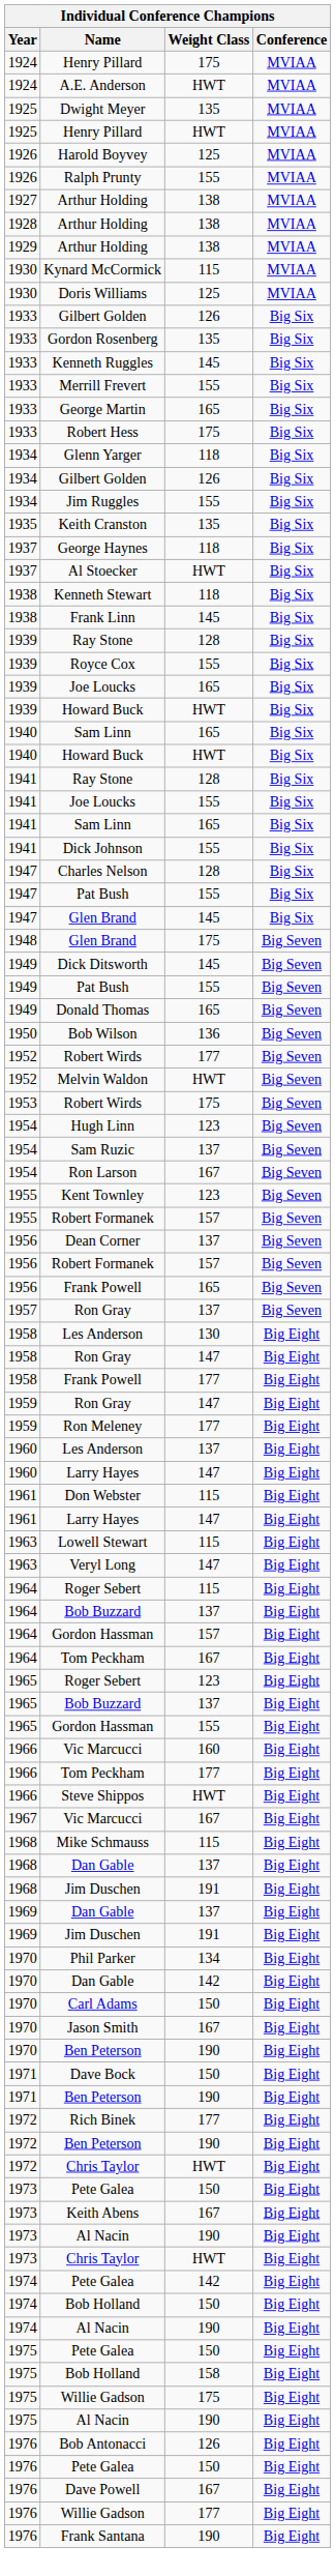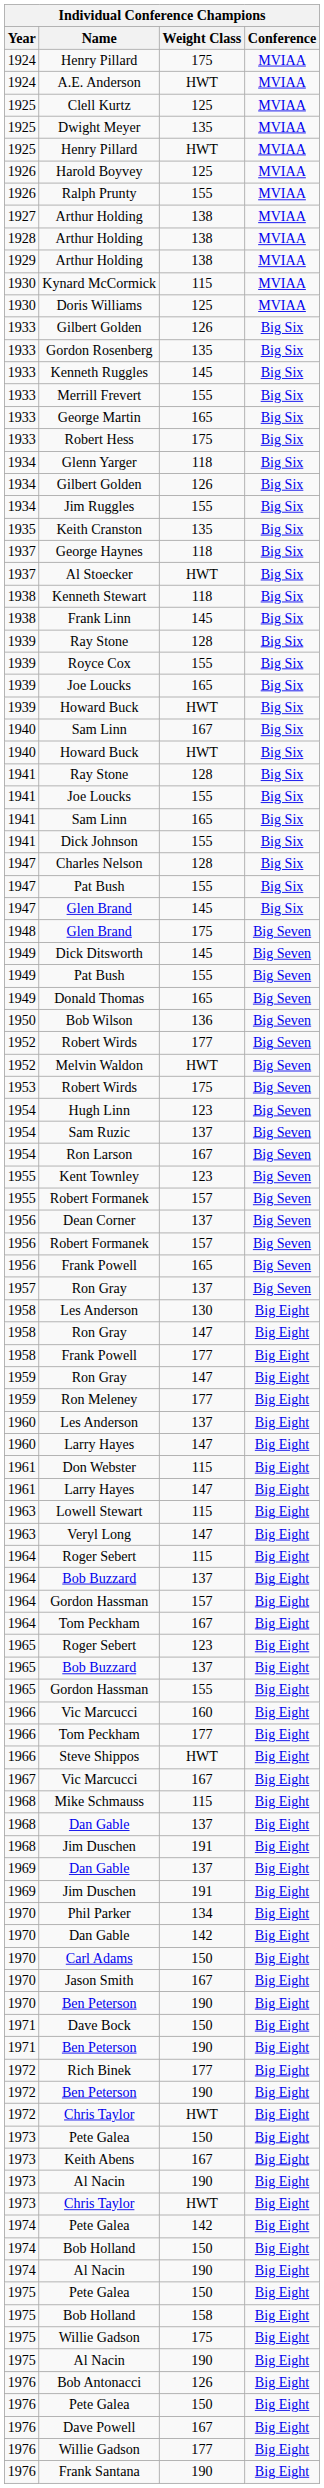 <table class="wikitable">
 <tr>
 <th colspan="4">Individual Conference Champions</th>
 </tr>
 <tr>
 <th scope="col">Year</th>
 <th scope="col">Name</th>
 <th scope="col">Weight Class</th>
 <th scope="col">Conference</th>
 </tr>
 <tr>
 <td>1924</td>
 <td style="text-align: center;">Henry Pillard</td>
 <td style="text-align: center;">175</td>
 <td style="text-align: center;"><a href='#'>MVIAA</a></td>
 </tr>
 <tr>
 <td>1924</td>
 <td style="text-align: center;">A.E. Anderson</td>
 <td style="text-align: center;">HWT</td>
+<td style="text-align: center;"><a href='#'>MVIAA</a></td>
+</tr>
+<tr>
+<td>1925</td>
+<td style="text-align: center;">Clell Kurtz</td>
+<td style="text-align: center;">125</td>
 <td style="text-align: center;"><a href='#'>MVIAA</a></td>
 </tr>
 <tr>
 <td>1925</td>
 <td style="text-align: center;">Dwight Meyer</td>
 <td style="text-align: center;">135</td>
 <td style="text-align: center;"><a href='#'>MVIAA</a></td>
 </tr>
 <tr>
 <td>1925</td>
 <td style="text-align: center;">Henry Pillard</td>
 <td style="text-align: center;">HWT</td>
 <td style="text-align: center;"><a href='#'>MVIAA</a></td>
 </tr>
 <tr>
 <td>1926</td>
 <td style="text-align: center;">Harold Boyvey</td>
 <td style="text-align: center;">125</td>
 <td style="text-align: center;"><a href='#'>MVIAA</a></td>
 </tr>
 <tr>
 <td>1926</td>
 <td style="text-align: center;">Ralph Prunty</td>
 <td style="text-align: center;">155</td>
 <td style="text-align: center;"><a href='#'>MVIAA</a></td>
 </tr>
 <tr>
 <td>1927</td>
 <td style="text-align: center;">Arthur Holding</td>
 <td style="text-align: center;">138</td>
 <td style="text-align: center;"><a href='#'>MVIAA</a></td>
 </tr>
 <tr>
 <td>1928</td>
 <td style="text-align: center;">Arthur Holding</td>
 <td style="text-align: center;">138</td>
 <td style="text-align: center;"><a href='#'>MVIAA</a></td>
 </tr>
 <tr>
 <td>1929</td>
 <td style="text-align: center;">Arthur Holding</td>
 <td style="text-align: center;">138</td>
 <td style="text-align: center;"><a href='#'>MVIAA</a></td>
 </tr>
 <tr>
 <td>1930</td>
 <td style="text-align: center;">Kynard McCormick</td>
 <td style="text-align: center;">115</td>
 <td style="text-align: center;"><a href='#'>MVIAA</a></td>
 </tr>
 <tr>
 <td>1930</td>
 <td style="text-align: center;">Doris Williams</td>
 <td style="text-align: center;">125</td>
 <td style="text-align: center;"><a href='#'>MVIAA</a></td>
 </tr>
 <tr>
 <td>1933</td>
 <td style="text-align: center;">Gilbert Golden</td>
 <td style="text-align: center;">126</td>
 <td style="text-align: center;"><a href='#'>Big Six</a></td>
 </tr>
 <tr>
 <td>1933</td>
 <td style="text-align: center;">Gordon Rosenberg</td>
 <td style="text-align: center;">135</td>
 <td style="text-align: center;"><a href='#'>Big Six</a></td>
 </tr>
 <tr>
 <td>1933</td>
 <td style="text-align: center;">Kenneth Ruggles</td>
 <td style="text-align: center;">145</td>
 <td style="text-align: center;"><a href='#'>Big Six</a></td>
 </tr>
 <tr>
 <td>1933</td>
 <td style="text-align: center;">Merrill Frevert</td>
 <td style="text-align: center;">155</td>
 <td style="text-align: center;"><a href='#'>Big Six</a></td>
 </tr>
 <tr>
 <td>1933</td>
 <td style="text-align: center;">George Martin</td>
 <td style="text-align: center;">165</td>
 <td style="text-align: center;"><a href='#'>Big Six</a></td>
 </tr>
 <tr>
 <td>1933</td>
 <td style="text-align: center;">Robert Hess</td>
 <td style="text-align: center;">175</td>
 <td style="text-align: center;"><a href='#'>Big Six</a></td>
 </tr>
 <tr>
 <td>1934</td>
 <td style="text-align: center;">Glenn Yarger</td>
 <td style="text-align: center;">118</td>
 <td style="text-align: center;"><a href='#'>Big Six</a></td>
 </tr>
 <tr>
 <td>1934</td>
 <td style="text-align: center;">Gilbert Golden</td>
 <td style="text-align: center;">126</td>
 <td style="text-align: center;"><a href='#'>Big Six</a></td>
 </tr>
 <tr>
 <td>1934</td>
 <td style="text-align: center;">Jim Ruggles</td>
 <td style="text-align: center;">155</td>
 <td style="text-align: center;"><a href='#'>Big Six</a></td>
 </tr>
 <tr>
 <td>1935</td>
 <td style="text-align: center;">Keith Cranston</td>
 <td style="text-align: center;">135</td>
 <td style="text-align: center;"><a href='#'>Big Six</a></td>
 </tr>
 <tr>
 <td>1937</td>
 <td style="text-align: center;">George Haynes</td>
 <td style="text-align: center;">118</td>
 <td style="text-align: center;"><a href='#'>Big Six</a></td>
 </tr>
 <tr>
 <td>1937</td>
 <td style="text-align: center;">Al Stoecker</td>
 <td style="text-align: center;">HWT</td>
 <td style="text-align: center;"><a href='#'>Big Six</a></td>
 </tr>
 <tr>
 <td>1938</td>
 <td style="text-align: center;">Kenneth Stewart</td>
 <td style="text-align: center;">118</td>
 <td style="text-align: center;"><a href='#'>Big Six</a></td>
 </tr>
 <tr>
 <td>1938</td>
 <td style="text-align: center;">Frank Linn</td>
 <td style="text-align: center;">145</td>
 <td style="text-align: center;"><a href='#'>Big Six</a></td>
 </tr>
 <tr>
 <td>1939</td>
 <td style="text-align: center;">Ray Stone</td>
 <td style="text-align: center;">128</td>
 <td style="text-align: center;"><a href='#'>Big Six</a></td>
 </tr>
 <tr>
 <td>1939</td>
 <td style="text-align: center;">Royce Cox</td>
 <td style="text-align: center;">155</td>
 <td style="text-align: center;"><a href='#'>Big Six</a></td>
 </tr>
 <tr>
 <td>1939</td>
 <td style="text-align: center;">Joe Loucks</td>
 <td style="text-align: center;">165</td>
 <td style="text-align: center;"><a href='#'>Big Six</a></td>
 </tr>
 <tr>
 <td>1939</td>
 <td style="text-align: center;">Howard Buck</td>
 <td style="text-align: center;">HWT</td>
 <td style="text-align: center;"><a href='#'>Big Six</a></td>
 </tr>
 <tr>
 <td>1940</td>
 <td style="text-align: center;">Sam Linn</td>
-<td style="text-align: center;">165</td>
+<td style="text-align: center;">167</td>
 <td style="text-align: center;"><a href='#'>Big Six</a></td>
 </tr>
 <tr>
 <td>1940</td>
 <td style="text-align: center;">Howard Buck</td>
 <td style="text-align: center;">HWT</td>
 <td style="text-align: center;"><a href='#'>Big Six</a></td>
 </tr>
 <tr>
 <td>1941</td>
 <td style="text-align: center;">Ray Stone</td>
 <td style="text-align: center;">128</td>
 <td style="text-align: center;"><a href='#'>Big Six</a></td>
 </tr>
 <tr>
 <td>1941</td>
 <td style="text-align: center;">Joe Loucks</td>
 <td style="text-align: center;">155</td>
 <td style="text-align: center;"><a href='#'>Big Six</a></td>
 </tr>
 <tr>
 <td>1941</td>
 <td style="text-align: center;">Sam Linn</td>
 <td style="text-align: center;">165</td>
 <td style="text-align: center;"><a href='#'>Big Six</a></td>
 </tr>
 <tr>
 <td>1941</td>
 <td style="text-align: center;">Dick Johnson</td>
 <td style="text-align: center;">155</td>
 <td style="text-align: center;"><a href='#'>Big Six</a></td>
 </tr>
 <tr>
 <td>1947</td>
 <td style="text-align: center;">Charles Nelson</td>
 <td style="text-align: center;">128</td>
 <td style="text-align: center;"><a href='#'>Big Six</a></td>
 </tr>
 <tr>
 <td>1947</td>
 <td style="text-align: center;">Pat Bush</td>
 <td style="text-align: center;">155</td>
 <td style="text-align: center;"><a href='#'>Big Six</a></td>
 </tr>
 <tr>
 <td>1947</td>
 <td style="text-align: center;"><a href='#'>Glen Brand</a></td>
 <td style="text-align: center;">145</td>
 <td style="text-align: center;"><a href='#'>Big Six</a></td>
 </tr>
 <tr>
 <td>1948</td>
 <td style="text-align: center;"><a href='#'>Glen Brand</a></td>
 <td style="text-align: center;">175</td>
 <td style="text-align: center;"><a href='#'>Big Seven</a></td>
 </tr>
 <tr>
 <td>1949</td>
 <td style="text-align: center;">Dick Ditsworth</td>
 <td style="text-align: center;">145</td>
 <td style="text-align: center;"><a href='#'>Big Seven</a></td>
 </tr>
 <tr>
 <td>1949</td>
 <td style="text-align: center;">Pat Bush</td>
 <td style="text-align: center;">155</td>
 <td style="text-align: center;"><a href='#'>Big Seven</a></td>
 </tr>
 <tr>
 <td>1949</td>
 <td style="text-align: center;">Donald Thomas</td>
 <td style="text-align: center;">165</td>
 <td style="text-align: center;"><a href='#'>Big Seven</a></td>
 </tr>
 <tr>
 <td>1950</td>
 <td style="text-align: center;">Bob Wilson</td>
 <td style="text-align: center;">136</td>
 <td style="text-align: center;"><a href='#'>Big Seven</a></td>
 </tr>
 <tr>
 <td>1952</td>
 <td style="text-align: center;">Robert Wirds</td>
 <td style="text-align: center;">177</td>
 <td style="text-align: center;"><a href='#'>Big Seven</a></td>
 </tr>
 <tr>
 <td>1952</td>
 <td style="text-align: center;">Melvin Waldon</td>
 <td style="text-align: center;">HWT</td>
 <td style="text-align: center;"><a href='#'>Big Seven</a></td>
 </tr>
 <tr>
 <td>1953</td>
 <td style="text-align: center;">Robert Wirds</td>
 <td style="text-align: center;">175</td>
 <td style="text-align: center;"><a href='#'>Big Seven</a></td>
 </tr>
 <tr>
 <td>1954</td>
 <td style="text-align: center;">Hugh Linn</td>
 <td style="text-align: center;">123</td>
 <td style="text-align: center;"><a href='#'>Big Seven</a></td>
 </tr>
 <tr>
 <td>1954</td>
 <td style="text-align: center;">Sam Ruzic</td>
 <td style="text-align: center;">137</td>
 <td style="text-align: center;"><a href='#'>Big Seven</a></td>
 </tr>
 <tr>
 <td>1954</td>
 <td style="text-align: center;">Ron Larson</td>
 <td style="text-align: center;">167</td>
 <td style="text-align: center;"><a href='#'>Big Seven</a></td>
 </tr>
 <tr>
 <td>1955</td>
 <td style="text-align: center;">Kent Townley</td>
 <td style="text-align: center;">123</td>
 <td style="text-align: center;"><a href='#'>Big Seven</a></td>
 </tr>
 <tr>
 <td>1955</td>
 <td style="text-align: center;">Robert Formanek</td>
 <td style="text-align: center;">157</td>
 <td style="text-align: center;"><a href='#'>Big Seven</a></td>
 </tr>
 <tr>
 <td>1956</td>
 <td style="text-align: center;">Dean Corner</td>
 <td style="text-align: center;">137</td>
 <td style="text-align: center;"><a href='#'>Big Seven</a></td>
 </tr>
 <tr>
 <td>1956</td>
 <td style="text-align: center;">Robert Formanek</td>
 <td style="text-align: center;">157</td>
 <td style="text-align: center;"><a href='#'>Big Seven</a></td>
 </tr>
 <tr>
 <td>1956</td>
 <td style="text-align: center;">Frank Powell</td>
 <td style="text-align: center;">165</td>
 <td style="text-align: center;"><a href='#'>Big Seven</a></td>
 </tr>
 <tr>
 <td>1957</td>
 <td style="text-align: center;">Ron Gray</td>
 <td style="text-align: center;">137</td>
 <td style="text-align: center;"><a href='#'>Big Seven</a></td>
 </tr>
 <tr>
 <td>1958</td>
 <td style="text-align: center;">Les Anderson</td>
 <td style="text-align: center;">130</td>
 <td style="text-align: center;"><a href='#'>Big Eight</a></td>
 </tr>
 <tr>
 <td>1958</td>
 <td style="text-align: center;">Ron Gray</td>
 <td style="text-align: center;">147</td>
 <td style="text-align: center;"><a href='#'>Big Eight</a></td>
 </tr>
 <tr>
 <td>1958</td>
 <td style="text-align: center;">Frank Powell</td>
 <td style="text-align: center;">177</td>
 <td style="text-align: center;"><a href='#'>Big Eight</a></td>
 </tr>
 <tr>
 <td>1959</td>
 <td style="text-align: center;">Ron Gray</td>
 <td style="text-align: center;">147</td>
 <td style="text-align: center;"><a href='#'>Big Eight</a></td>
 </tr>
 <tr>
 <td>1959</td>
 <td style="text-align: center;">Ron Meleney</td>
 <td style="text-align: center;">177</td>
 <td style="text-align: center;"><a href='#'>Big Eight</a></td>
 </tr>
 <tr>
 <td>1960</td>
 <td style="text-align: center;">Les Anderson</td>
 <td style="text-align: center;">137</td>
 <td style="text-align: center;"><a href='#'>Big Eight</a></td>
 </tr>
 <tr>
 <td>1960</td>
 <td style="text-align: center;">Larry Hayes</td>
 <td style="text-align: center;">147</td>
 <td style="text-align: center;"><a href='#'>Big Eight</a></td>
 </tr>
 <tr>
 <td>1961</td>
 <td style="text-align: center;">Don Webster</td>
 <td style="text-align: center;">115</td>
 <td style="text-align: center;"><a href='#'>Big Eight</a></td>
 </tr>
 <tr>
 <td>1961</td>
 <td style="text-align: center;">Larry Hayes</td>
 <td style="text-align: center;">147</td>
 <td style="text-align: center;"><a href='#'>Big Eight</a></td>
 </tr>
 <tr>
 <td>1963</td>
 <td style="text-align: center;">Lowell Stewart</td>
 <td style="text-align: center;">115</td>
 <td style="text-align: center;"><a href='#'>Big Eight</a></td>
 </tr>
 <tr>
 <td>1963</td>
 <td style="text-align: center;">Veryl Long</td>
 <td style="text-align: center;">147</td>
 <td style="text-align: center;"><a href='#'>Big Eight</a></td>
 </tr>
 <tr>
 <td>1964</td>
 <td style="text-align: center;">Roger Sebert</td>
 <td style="text-align: center;">115</td>
 <td style="text-align: center;"><a href='#'>Big Eight</a></td>
 </tr>
 <tr>
 <td>1964</td>
 <td style="text-align: center;"><a href='#'>Bob Buzzard</a></td>
 <td style="text-align: center;">137</td>
 <td style="text-align: center;"><a href='#'>Big Eight</a></td>
 </tr>
 <tr>
 <td>1964</td>
 <td style="text-align: center;">Gordon Hassman</td>
 <td style="text-align: center;">157</td>
 <td style="text-align: center;"><a href='#'>Big Eight</a></td>
 </tr>
 <tr>
 <td>1964</td>
 <td style="text-align: center;">Tom Peckham</td>
 <td style="text-align: center;">167</td>
 <td style="text-align: center;"><a href='#'>Big Eight</a></td>
 </tr>
 <tr>
 <td>1965</td>
 <td style="text-align: center;">Roger Sebert</td>
 <td style="text-align: center;">123</td>
 <td style="text-align: center;"><a href='#'>Big Eight</a></td>
 </tr>
 <tr>
 <td>1965</td>
 <td style="text-align: center;"><a href='#'>Bob Buzzard</a></td>
 <td style="text-align: center;">137</td>
 <td style="text-align: center;"><a href='#'>Big Eight</a></td>
 </tr>
 <tr>
 <td>1965</td>
 <td style="text-align: center;">Gordon Hassman</td>
 <td style="text-align: center;">155</td>
 <td style="text-align: center;"><a href='#'>Big Eight</a></td>
 </tr>
 <tr>
 <td>1966</td>
 <td style="text-align: center;">Vic Marcucci</td>
 <td style="text-align: center;">160</td>
 <td style="text-align: center;"><a href='#'>Big Eight</a></td>
 </tr>
 <tr>
 <td>1966</td>
 <td style="text-align: center;">Tom Peckham</td>
 <td style="text-align: center;">177</td>
 <td style="text-align: center;"><a href='#'>Big Eight</a></td>
 </tr>
 <tr>
 <td>1966</td>
 <td style="text-align: center;">Steve Shippos</td>
 <td style="text-align: center;">HWT</td>
 <td style="text-align: center;"><a href='#'>Big Eight</a></td>
 </tr>
 <tr>
 <td>1967</td>
 <td style="text-align: center;">Vic Marcucci</td>
 <td style="text-align: center;">167</td>
 <td style="text-align: center;"><a href='#'>Big Eight</a></td>
 </tr>
 <tr>
 <td>1968</td>
 <td style="text-align: center;">Mike Schmauss</td>
 <td style="text-align: center;">115</td>
 <td style="text-align: center;"><a href='#'>Big Eight</a></td>
 </tr>
 <tr>
 <td>1968</td>
 <td style="text-align: center;"><a href='#'>Dan Gable</a></td>
 <td style="text-align: center;">137</td>
 <td style="text-align: center;"><a href='#'>Big Eight</a></td>
 </tr>
 <tr>
 <td>1968</td>
 <td style="text-align: center;">Jim Duschen</td>
 <td style="text-align: center;">191</td>
 <td style="text-align: center;"><a href='#'>Big Eight</a></td>
 </tr>
 <tr>
 <td>1969</td>
 <td style="text-align: center;"><a href='#'>Dan Gable</a></td>
 <td style="text-align: center;">137</td>
 <td style="text-align: center;"><a href='#'>Big Eight</a></td>
 </tr>
 <tr>
 <td>1969</td>
 <td style="text-align: center;">Jim Duschen</td>
 <td style="text-align: center;">191</td>
 <td style="text-align: center;"><a href='#'>Big Eight</a></td>
 </tr>
 <tr>
 <td>1970</td>
 <td style="text-align: center;">Phil Parker</td>
 <td style="text-align: center;">134</td>
 <td style="text-align: center;"><a href='#'>Big Eight</a></td>
 </tr>
 <tr>
 <td>1970</td>
 <td style="text-align: center;">Dan Gable</td>
 <td style="text-align: center;">142</td>
 <td style="text-align: center;"><a href='#'>Big Eight</a></td>
 </tr>
 <tr>
 <td>1970</td>
 <td style="text-align: center;"><a href='#'>Carl Adams</a></td>
 <td style="text-align: center;">150</td>
 <td style="text-align: center;"><a href='#'>Big Eight</a></td>
 </tr>
 <tr>
 <td>1970</td>
 <td style="text-align: center;">Jason Smith</td>
 <td style="text-align: center;">167</td>
 <td style="text-align: center;"><a href='#'>Big Eight</a></td>
 </tr>
 <tr>
 <td>1970</td>
 <td style="text-align: center;"><a href='#'>Ben Peterson</a></td>
 <td style="text-align: center;">190</td>
 <td style="text-align: center;"><a href='#'>Big Eight</a></td>
 </tr>
 <tr>
 <td>1971</td>
 <td style="text-align: center;">Dave Bock</td>
 <td style="text-align: center;">150</td>
 <td style="text-align: center;"><a href='#'>Big Eight</a></td>
 </tr>
 <tr>
 <td>1971</td>
 <td style="text-align: center;"><a href='#'>Ben Peterson</a></td>
 <td style="text-align: center;">190</td>
 <td style="text-align: center;"><a href='#'>Big Eight</a></td>
 </tr>
 <tr>
 <td>1972</td>
 <td style="text-align: center;">Rich Binek</td>
 <td style="text-align: center;">177</td>
 <td style="text-align: center;"><a href='#'>Big Eight</a></td>
 </tr>
 <tr>
 <td>1972</td>
 <td style="text-align: center;"><a href='#'>Ben Peterson</a></td>
 <td style="text-align: center;">190</td>
 <td style="text-align: center;"><a href='#'>Big Eight</a></td>
 </tr>
 <tr>
 <td>1972</td>
 <td style="text-align: center;"><a href='#'>Chris Taylor</a></td>
 <td style="text-align: center;">HWT</td>
 <td style="text-align: center;"><a href='#'>Big Eight</a></td>
 </tr>
 <tr>
 <td>1973</td>
 <td style="text-align: center;">Pete Galea</td>
 <td style="text-align: center;">150</td>
 <td style="text-align: center;"><a href='#'>Big Eight</a></td>
 </tr>
 <tr>
 <td>1973</td>
 <td style="text-align: center;">Keith Abens</td>
 <td style="text-align: center;">167</td>
 <td style="text-align: center;"><a href='#'>Big Eight</a></td>
 </tr>
 <tr>
 <td>1973</td>
 <td style="text-align: center;">Al Nacin</td>
 <td style="text-align: center;">190</td>
 <td style="text-align: center;"><a href='#'>Big Eight</a></td>
 </tr>
 <tr>
 <td>1973</td>
 <td style="text-align: center;"><a href='#'>Chris Taylor</a></td>
 <td style="text-align: center;">HWT</td>
 <td style="text-align: center;"><a href='#'>Big Eight</a></td>
 </tr>
 <tr>
 <td>1974</td>
 <td style="text-align: center;">Pete Galea</td>
 <td style="text-align: center;">142</td>
 <td style="text-align: center;"><a href='#'>Big Eight</a></td>
 </tr>
 <tr>
 <td>1974</td>
 <td style="text-align: center;">Bob Holland</td>
 <td style="text-align: center;">150</td>
 <td style="text-align: center;"><a href='#'>Big Eight</a></td>
 </tr>
 <tr>
 <td>1974</td>
 <td style="text-align: center;">Al Nacin</td>
 <td style="text-align: center;">190</td>
 <td style="text-align: center;"><a href='#'>Big Eight</a></td>
 </tr>
 <tr>
 <td>1975</td>
 <td style="text-align: center;">Pete Galea</td>
 <td style="text-align: center;">150</td>
 <td style="text-align: center;"><a href='#'>Big Eight</a></td>
 </tr>
 <tr>
 <td>1975</td>
 <td style="text-align: center;">Bob Holland</td>
 <td style="text-align: center;">158</td>
 <td style="text-align: center;"><a href='#'>Big Eight</a></td>
 </tr>
 <tr>
 <td>1975</td>
 <td style="text-align: center;">Willie Gadson</td>
 <td style="text-align: center;">175</td>
 <td style="text-align: center;"><a href='#'>Big Eight</a></td>
 </tr>
 <tr>
 <td>1975</td>
 <td style="text-align: center;">Al Nacin</td>
 <td style="text-align: center;">190</td>
 <td style="text-align: center;"><a href='#'>Big Eight</a></td>
 </tr>
 <tr>
 <td>1976</td>
 <td style="text-align: center;">Bob Antonacci</td>
 <td style="text-align: center;">126</td>
 <td style="text-align: center;"><a href='#'>Big Eight</a></td>
 </tr>
 <tr>
 <td>1976</td>
 <td style="text-align: center;">Pete Galea</td>
 <td style="text-align: center;">150</td>
 <td style="text-align: center;"><a href='#'>Big Eight</a></td>
 </tr>
 <tr>
 <td>1976</td>
 <td style="text-align: center;">Dave Powell</td>
 <td style="text-align: center;">167</td>
 <td style="text-align: center;"><a href='#'>Big Eight</a></td>
 </tr>
 <tr>
 <td>1976</td>
 <td style="text-align: center;">Willie Gadson</td>
 <td style="text-align: center;">177</td>
 <td style="text-align: center;"><a href='#'>Big Eight</a></td>
 </tr>
 <tr>
 <td>1976</td>
 <td style="text-align: center;">Frank Santana</td>
 <td style="text-align: center;">190</td>
 <td style="text-align: center;"><a href='#'>Big Eight</a></td>
 </tr>
 </table>
